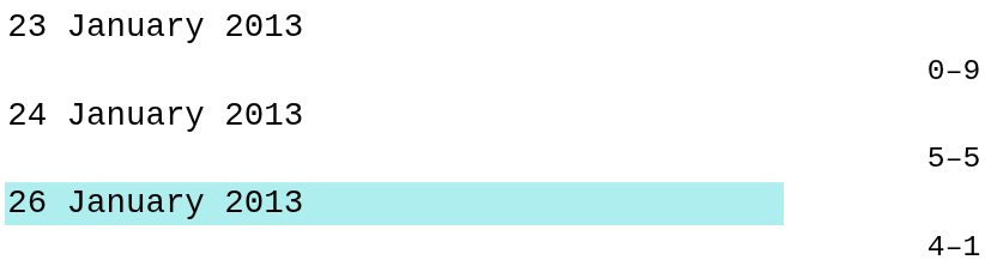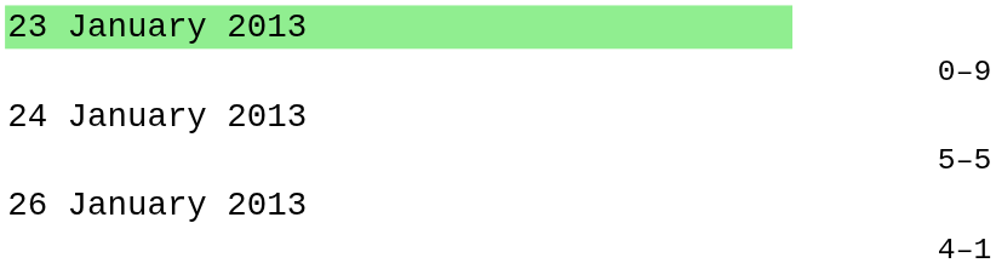 <table style="width:70%;" cellspacing="1">
 <tr>
 <th width=35%></th>
 <th width=15%></th>
 <th></th>
 </tr>
 <tr>
-<td>23 January 2013</td>
+<td style="background: lightgreen;">23 January 2013</td>
 </tr>
 <tr style=font-size:90%>
 <td align=right><strong></strong></td>
 <td align=center>0–9</td>
 <td><strong></strong></td>
 </tr>
 <tr>
 <td>24 January 2013</td>
 </tr>
 <tr style=font-size:90%>
 <td align=right><strong></strong></td>
 <td align=center>5–5</td>
 <td><strong></strong></td>
 </tr>
 <tr>
-<td style="background: paleturquoise;">26 January 2013</td>
+<td>26 January 2013</td>
 </tr>
 <tr style=font-size:90%>
 <td align=right><strong></strong></td>
 <td align=center>4–1</td>
 <td><strong></strong></td>
 </tr>
 </table>
